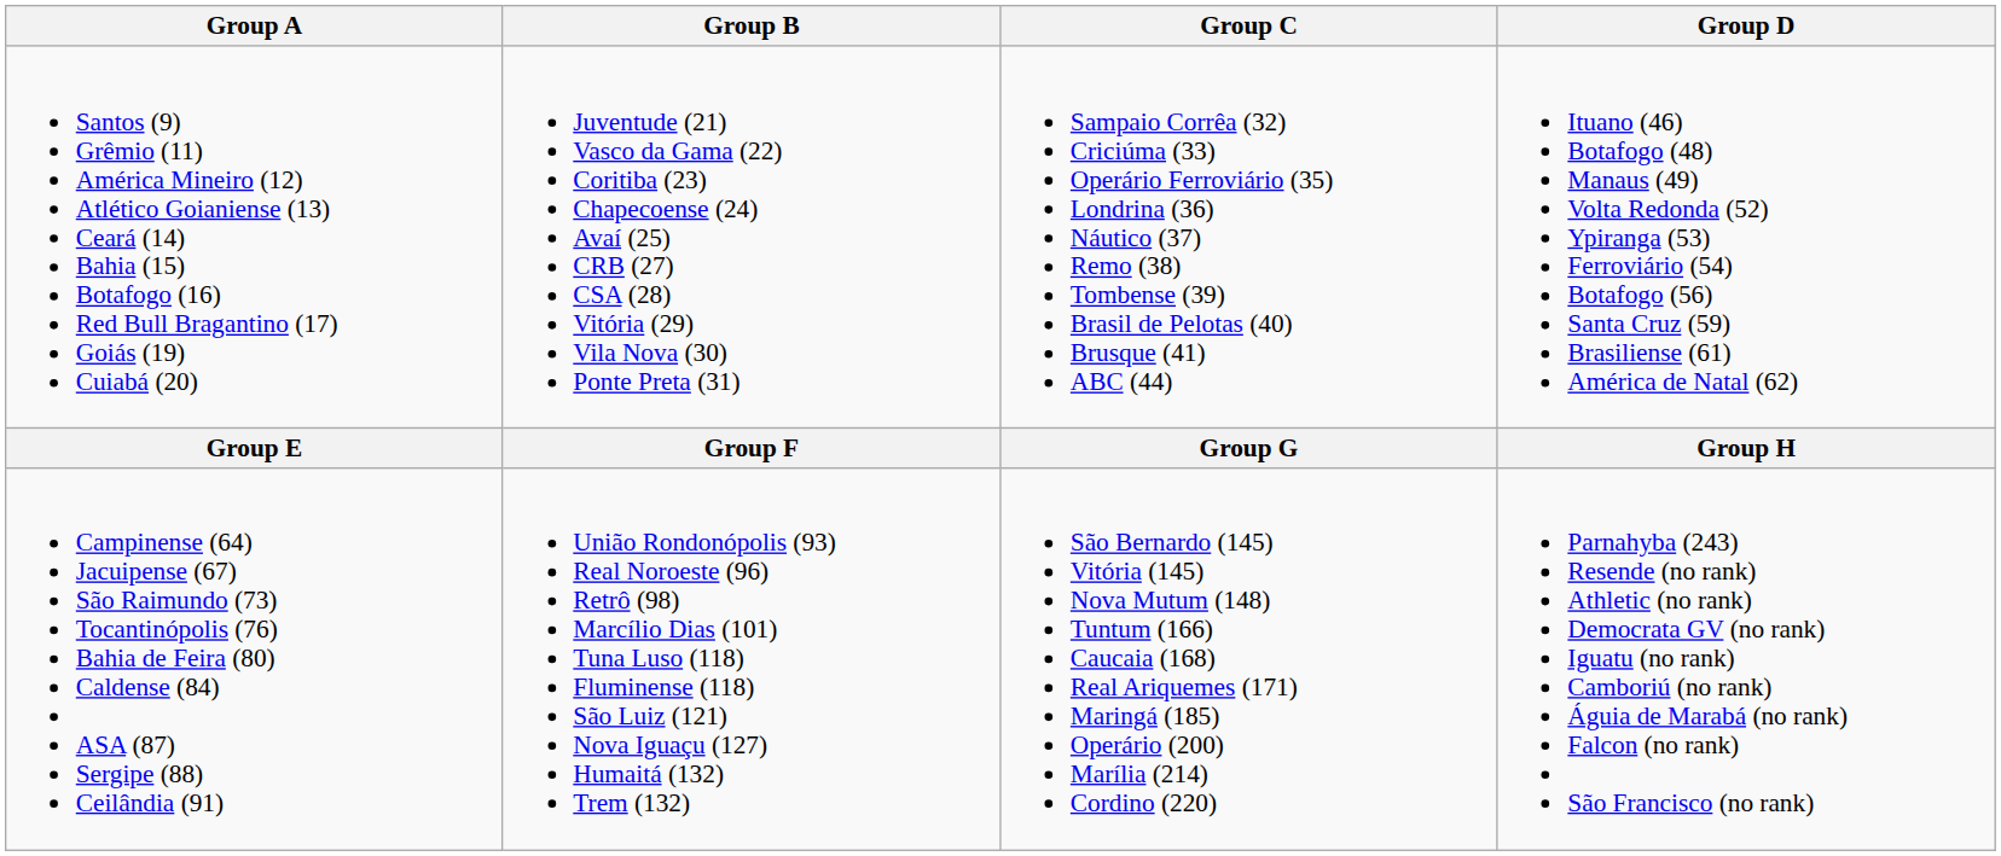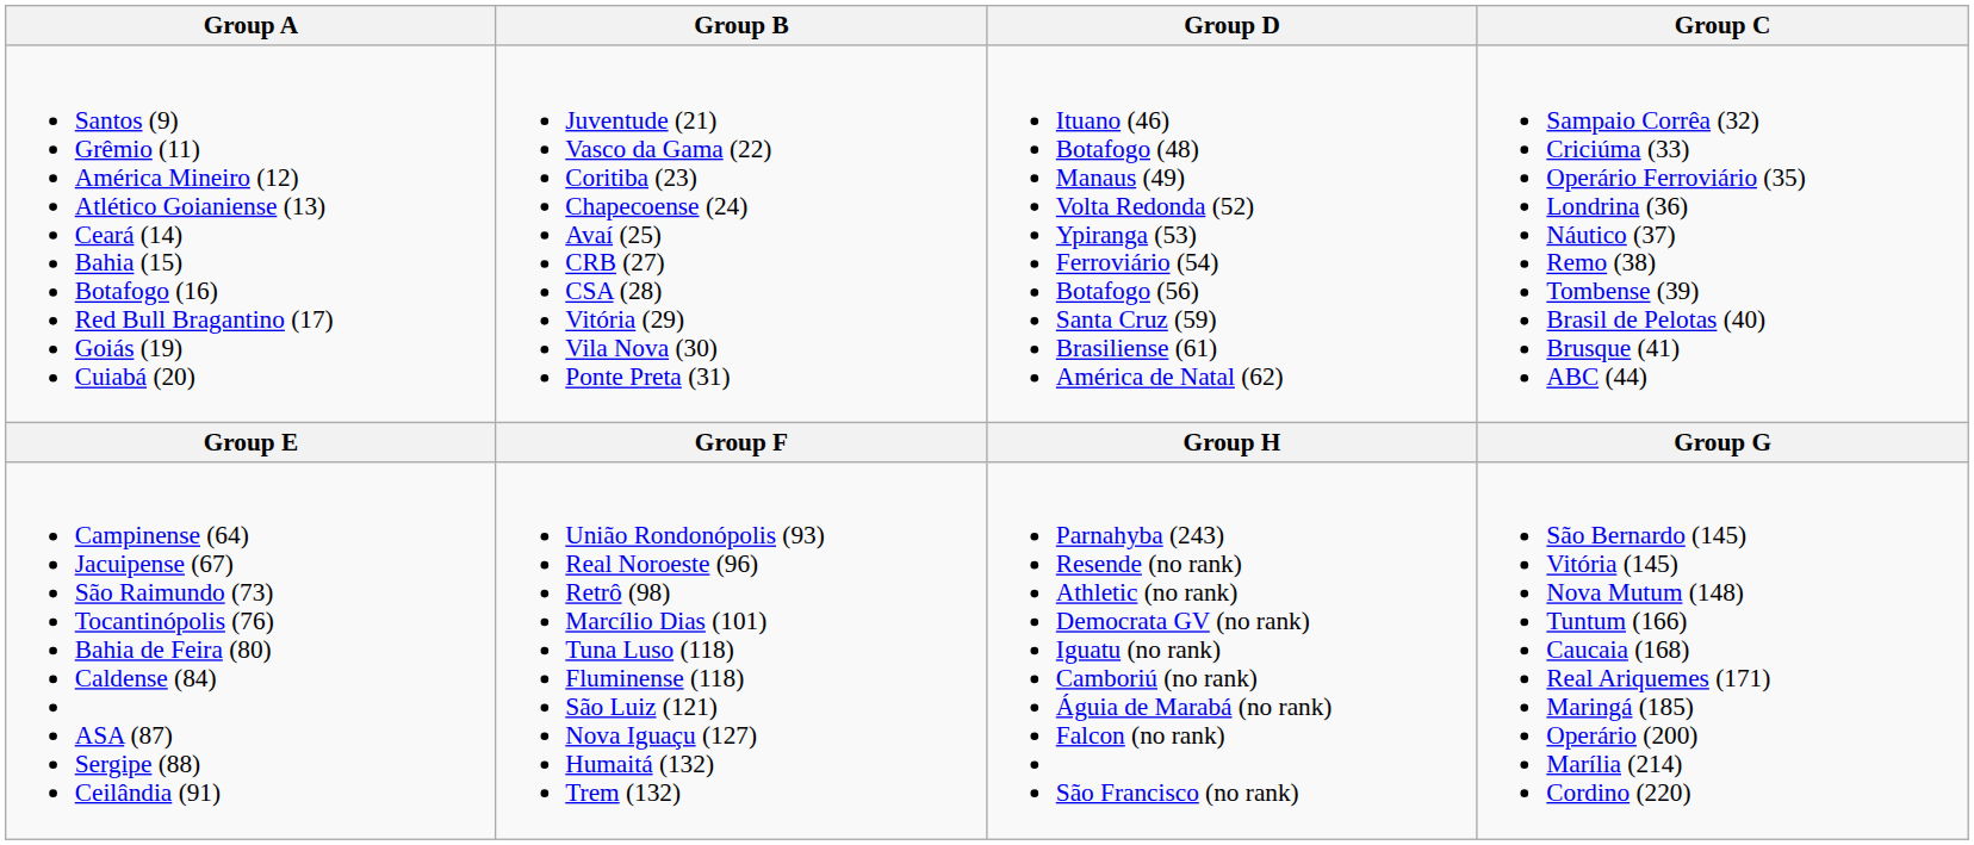 <table class="wikitable" width=98%>
 <tr>
 <th width=25%>Group A</th>
 <th width=25%>Group B</th>
+<th width=25%>Group D</th>
 <th width=25%>Group C</th>
-<th width=25%>Group D</th>
 </tr>
 <tr>
 <td><br><ul><li><a href='#'>Santos</a> (9)</li><li><a href='#'>Grêmio</a> (11)</li><li><a href='#'>América Mineiro</a> (12)</li><li><a href='#'>Atlético Goianiense</a> (13)</li><li><a href='#'>Ceará</a> (14)</li><li><a href='#'>Bahia</a> (15)</li><li><a href='#'>Botafogo</a> (16)</li><li><a href='#'>Red Bull Bragantino</a> (17)</li><li><a href='#'>Goiás</a> (19)</li><li><a href='#'>Cuiabá</a> (20)</li></ul></td>
 <td><br><ul><li><a href='#'>Juventude</a> (21)</li><li><a href='#'>Vasco da Gama</a> (22)</li><li><a href='#'>Coritiba</a> (23)</li><li><a href='#'>Chapecoense</a> (24)</li><li><a href='#'>Avaí</a> (25)</li><li><a href='#'>CRB</a> (27)</li><li><a href='#'>CSA</a> (28)</li><li><a href='#'>Vitória</a> (29)</li><li><a href='#'>Vila Nova</a> (30)</li><li><a href='#'>Ponte Preta</a> (31)</li></ul></td>
+<td><br><ul><li><a href='#'>Ituano</a> (46)</li><li><a href='#'>Botafogo</a> (48)</li><li><a href='#'>Manaus</a> (49)</li><li><a href='#'>Volta Redonda</a> (52)</li><li><a href='#'>Ypiranga</a> (53)</li><li><a href='#'>Ferroviário</a> (54)</li><li><a href='#'>Botafogo</a> (56)</li><li><a href='#'>Santa Cruz</a> (59)</li><li><a href='#'>Brasiliense</a> (61)</li><li><a href='#'>América de Natal</a> (62)</li></ul></td>
 <td><br><ul><li><a href='#'>Sampaio Corrêa</a> (32)</li><li><a href='#'>Criciúma</a> (33)</li><li><a href='#'>Operário Ferroviário</a> (35)</li><li><a href='#'>Londrina</a> (36)</li><li><a href='#'>Náutico</a> (37)</li><li><a href='#'>Remo</a> (38)</li><li><a href='#'>Tombense</a> (39)</li><li><a href='#'>Brasil de Pelotas</a> (40)</li><li><a href='#'>Brusque</a> (41)</li><li><a href='#'>ABC</a> (44)</li></ul></td>
-<td><br><ul><li><a href='#'>Ituano</a> (46)</li><li><a href='#'>Botafogo</a> (48)</li><li><a href='#'>Manaus</a> (49)</li><li><a href='#'>Volta Redonda</a> (52)</li><li><a href='#'>Ypiranga</a> (53)</li><li><a href='#'>Ferroviário</a> (54)</li><li><a href='#'>Botafogo</a> (56)</li><li><a href='#'>Santa Cruz</a> (59)</li><li><a href='#'>Brasiliense</a> (61)</li><li><a href='#'>América de Natal</a> (62)</li></ul></td>
 </tr>
 <tr>
 <th width=25%>Group E</th>
 <th width=25%>Group F</th>
+<th width=25%>Group H</th>
 <th width=25%>Group G</th>
-<th width=25%>Group H</th>
 </tr>
 <tr>
 <td><br><ul><li><a href='#'>Campinense</a> (64)</li><li><a href='#'>Jacuipense</a> (67)</li><li><a href='#'>São Raimundo</a> (73)</li><li><a href='#'>Tocantinópolis</a> (76)</li><li><a href='#'>Bahia de Feira</a> (80)</li><li><a href='#'>Caldense</a> (84)</li><li></li><li><a href='#'>ASA</a> (87)</li><li><a href='#'>Sergipe</a> (88)</li><li><a href='#'>Ceilândia</a> (91)</li></ul></td>
 <td><br><ul><li><a href='#'>União Rondonópolis</a> (93)</li><li><a href='#'>Real Noroeste</a> (96)</li><li><a href='#'>Retrô</a> (98)</li><li><a href='#'>Marcílio Dias</a> (101)</li><li><a href='#'>Tuna Luso</a> (118)</li><li><a href='#'>Fluminense</a> (118)</li><li><a href='#'>São Luiz</a> (121)</li><li><a href='#'>Nova Iguaçu</a> (127)</li><li><a href='#'>Humaitá</a> (132)</li><li><a href='#'>Trem</a> (132)</li></ul></td>
+<td><br><ul><li><a href='#'>Parnahyba</a> (243)</li><li><a href='#'>Resende</a> (no rank)</li><li><a href='#'>Athletic</a> (no rank)</li><li><a href='#'>Democrata GV</a> (no rank)</li><li><a href='#'>Iguatu</a> (no rank)</li><li><a href='#'>Camboriú</a> (no rank)</li><li><a href='#'>Águia de Marabá</a> (no rank)</li><li><a href='#'>Falcon</a> (no rank)</li><li></li><li><a href='#'>São Francisco</a> (no rank)</li></ul></td>
 <td><br><ul><li><a href='#'>São Bernardo</a> (145)</li><li><a href='#'>Vitória</a> (145)</li><li><a href='#'>Nova Mutum</a> (148)</li><li><a href='#'>Tuntum</a> (166)</li><li><a href='#'>Caucaia</a> (168)</li><li><a href='#'>Real Ariquemes</a> (171)</li><li><a href='#'>Maringá</a> (185)</li><li><a href='#'>Operário</a> (200)</li><li><a href='#'>Marília</a> (214)</li><li><a href='#'>Cordino</a> (220)</li></ul></td>
-<td><br><ul><li><a href='#'>Parnahyba</a> (243)</li><li><a href='#'>Resende</a> (no rank)</li><li><a href='#'>Athletic</a> (no rank)</li><li><a href='#'>Democrata GV</a> (no rank)</li><li><a href='#'>Iguatu</a> (no rank)</li><li><a href='#'>Camboriú</a> (no rank)</li><li><a href='#'>Águia de Marabá</a> (no rank)</li><li><a href='#'>Falcon</a> (no rank)</li><li></li><li><a href='#'>São Francisco</a> (no rank)</li></ul></td>
 </tr>
 </table>
